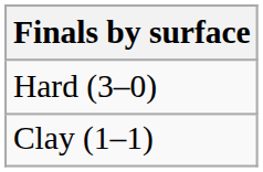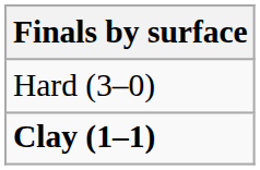 <table class=wikitable style=font-size:90%>
 <tr>
 <th>Finals by surface</th>
 </tr>
 <tr>
 <td>Hard (3–0)</td>
 </tr>
 <tr>
-<td>Clay (1–1)</td>
+<td><strong>Clay (1–1)</strong></td>
 </tr>
 </table>
